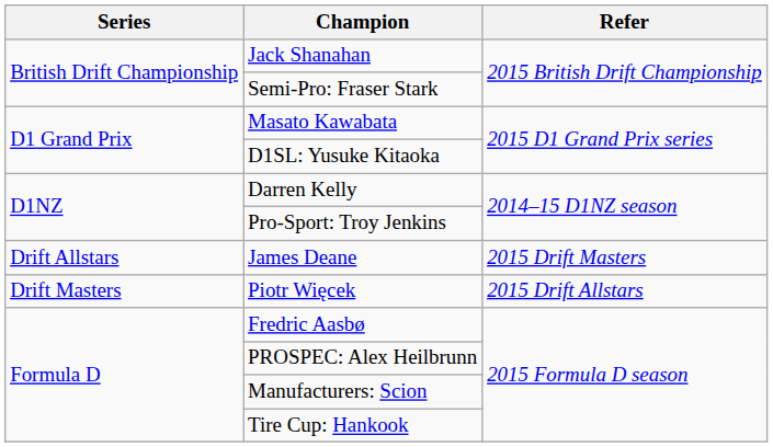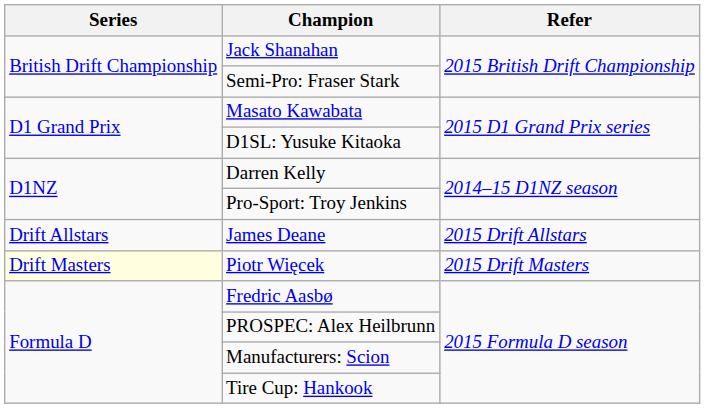 <table class="wikitable" style="font-size:87%;">
 <tr>
 <th>Series</th>
 <th>Champion</th>
 <th>Refer</th>
 </tr>
 <tr>
 <td rowspan=2><a href='#'>British Drift Championship</a></td>
 <td> <a href='#'>Jack Shanahan</a></td>
 <td rowspan=2><em><a href='#'>2015 British Drift Championship</a></em></td>
 </tr>
 <tr>
 <td>Semi-Pro:  Fraser Stark</td>
 </tr>
 <tr>
 <td rowspan=2><a href='#'>D1 Grand Prix</a></td>
 <td> <a href='#'>Masato Kawabata</a></td>
 <td rowspan=2><em><a href='#'>2015 D1 Grand Prix series</a></em></td>
 </tr>
 <tr>
 <td>D1SL:  Yusuke Kitaoka</td>
 </tr>
 <tr>
 <td rowspan=2><a href='#'>D1NZ</a></td>
 <td> Darren Kelly</td>
 <td rowspan=2><em><a href='#'>2014–15 D1NZ season</a></em></td>
 </tr>
 <tr>
 <td>Pro-Sport:  Troy Jenkins</td>
 </tr>
 <tr>
 <td><a href='#'>Drift Allstars</a></td>
 <td> <a href='#'>James Deane</a></td>
-<td><em><a href='#'>2015 Drift Masters</a></em></td>
+<td><em><a href='#'>2015 Drift Allstars</a></em></td>
 </tr>
 <tr>
-<td><a href='#'>Drift Masters</a></td>
+<td style="background: lightyellow;"><a href='#'>Drift Masters</a></td>
 <td> <a href='#'>Piotr Więcek</a></td>
-<td><em><a href='#'>2015 Drift Allstars</a></em></td>
+<td><em><a href='#'>2015 Drift Masters</a></em></td>
 </tr>
 <tr>
 <td rowspan=4><a href='#'>Formula D</a></td>
 <td> <a href='#'>Fredric Aasbø</a></td>
 <td rowspan=4><em><a href='#'>2015 Formula D season</a></em></td>
 </tr>
 <tr>
 <td>PROSPEC:  Alex Heilbrunn</td>
 </tr>
 <tr>
 <td>Manufacturers:  <a href='#'>Scion</a></td>
 </tr>
 <tr>
 <td>Tire Cup:  <a href='#'>Hankook</a></td>
 </tr>
 </table>
